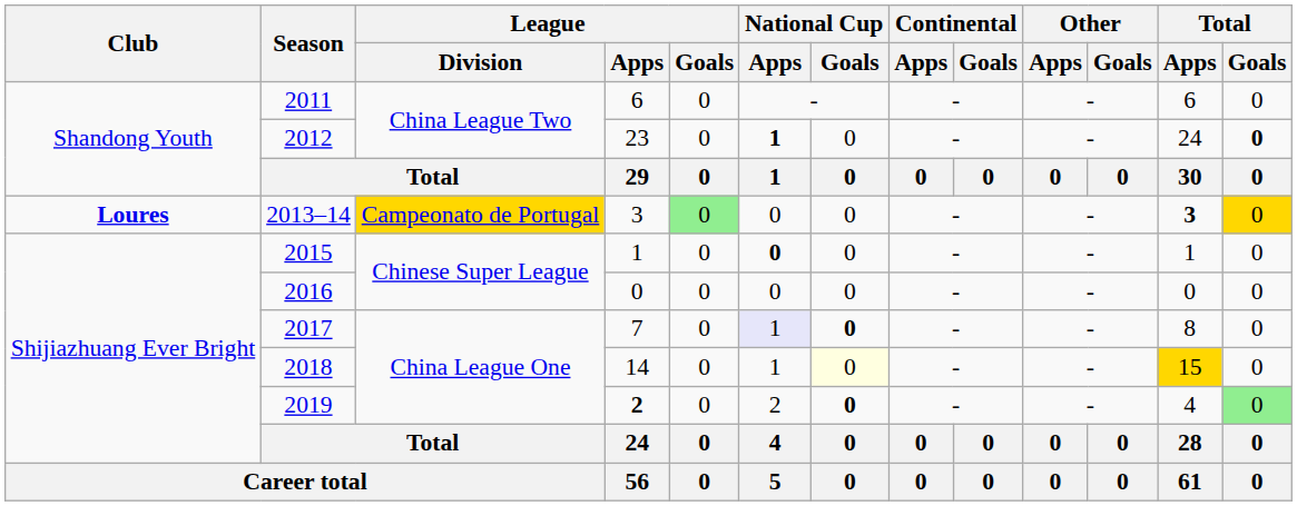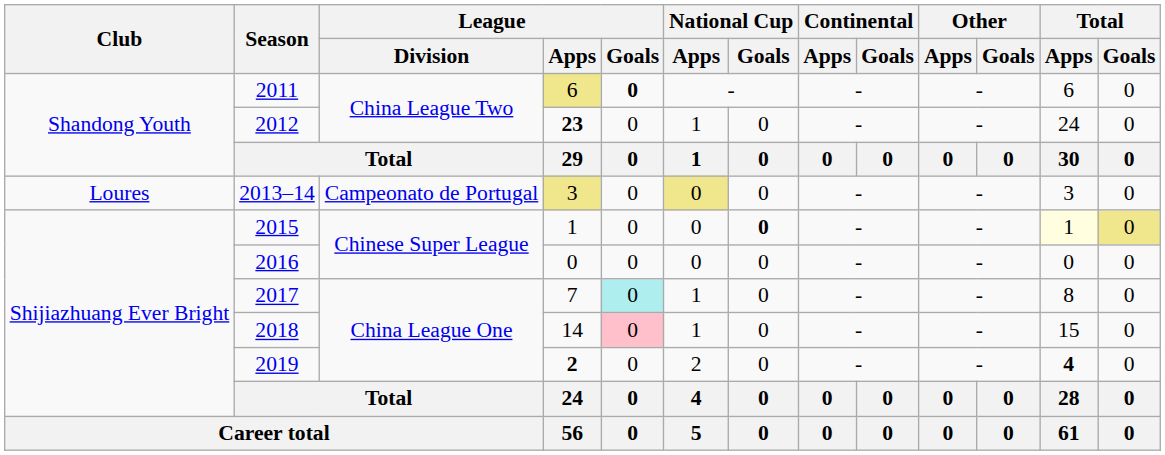 <table class="wikitable" style="text-align: center">
 <tr>
 <th rowspan="2">Club</th>
 <th rowspan="2">Season</th>
 <th colspan="3">League</th>
 <th colspan="2">National Cup</th>
 <th colspan="2">Continental</th>
 <th colspan="2">Other</th>
 <th colspan="2">Total</th>
 </tr>
 <tr>
 <th>Division</th>
 <th>Apps</th>
 <th>Goals</th>
 <th>Apps</th>
 <th>Goals</th>
 <th>Apps</th>
 <th>Goals</th>
 <th>Apps</th>
 <th>Goals</th>
 <th>Apps</th>
 <th>Goals</th>
 </tr>
 <tr>
 <td rowspan=3><a href='#'>Shandong Youth</a></td>
 <td><a href='#'>2011</a></td>
 <td rowspan=2><a href='#'>China League Two</a></td>
-<td>6</td>
-<td>0</td>
+<td style="background: khaki;">6</td>
+<td><strong>0</strong></td>
 <td colspan="2">-</td>
 <td colspan="2">-</td>
 <td colspan="2">-</td>
 <td>6</td>
 <td>0</td>
 </tr>
 <tr>
 <td><a href='#'>2012</a></td>
-<td>23</td>
+<td><strong>23</strong></td>
 <td>0</td>
-<td><strong>1</strong></td>
+<td>1</td>
 <td>0</td>
 <td colspan="2">-</td>
 <td colspan="2">-</td>
 <td>24</td>
-<td><strong>0</strong></td>
+<td>0</td>
 </tr>
 <tr>
 <th colspan=2>Total</th>
 <th>29</th>
 <th>0</th>
 <th>1</th>
 <th>0</th>
 <th>0</th>
 <th>0</th>
 <th>0</th>
 <th>0</th>
 <th>30</th>
 <th>0</th>
 </tr>
 <tr>
-<td><strong><a href='#'>Loures</a></strong></td>
+<td><a href='#'>Loures</a></td>
 <td><a href='#'>2013–14</a></td>
-<td style="background: gold;"><a href='#'>Campeonato de Portugal</a></td>
-<td>3</td>
-<td style="background: lightgreen;">0</td>
+<td><a href='#'>Campeonato de Portugal</a></td>
+<td style="background: khaki;">3</td>
 <td>0</td>
+<td style="background: khaki;">0</td>
 <td>0</td>
 <td colspan="2">-</td>
 <td colspan="2">-</td>
-<td><strong>3</strong></td>
-<td style="background: gold;">0</td>
+<td>3</td>
+<td>0</td>
 </tr>
 <tr>
 <td rowspan=6><a href='#'>Shijiazhuang Ever Bright</a></td>
 <td><a href='#'>2015</a></td>
 <td rowspan=2><a href='#'>Chinese Super League</a></td>
 <td>1</td>
 <td>0</td>
+<td>0</td>
 <td><strong>0</strong></td>
-<td>0</td>
 <td colspan="2">-</td>
 <td colspan="2">-</td>
-<td>1</td>
-<td>0</td>
+<td style="background: lightyellow;">1</td>
+<td style="background: khaki;">0</td>
 </tr>
 <tr>
 <td><a href='#'>2016</a></td>
 <td>0</td>
 <td>0</td>
 <td>0</td>
 <td>0</td>
 <td colspan="2">-</td>
 <td colspan="2">-</td>
 <td>0</td>
 <td>0</td>
 </tr>
 <tr>
 <td><a href='#'>2017</a></td>
 <td rowspan=3><a href='#'>China League One</a></td>
 <td>7</td>
+<td style="background: paleturquoise;">0</td>
+<td>1</td>
 <td>0</td>
-<td style="background: lavender;">1</td>
-<td><strong>0</strong></td>
 <td colspan="2">-</td>
 <td colspan="2">-</td>
 <td>8</td>
 <td>0</td>
 </tr>
 <tr>
 <td><a href='#'>2018</a></td>
 <td>14</td>
+<td style="background: pink;">0</td>
+<td>1</td>
 <td>0</td>
-<td>1</td>
-<td style="background: lightyellow;">0</td>
 <td colspan="2">-</td>
 <td colspan="2">-</td>
-<td style="background: gold;">15</td>
+<td>15</td>
 <td>0</td>
 </tr>
 <tr>
 <td><a href='#'>2019</a></td>
 <td><strong>2</strong></td>
 <td>0</td>
 <td>2</td>
-<td><strong>0</strong></td>
+<td>0</td>
 <td colspan="2">-</td>
 <td colspan="2">-</td>
-<td>4</td>
-<td style="background: lightgreen;">0</td>
+<td><strong>4</strong></td>
+<td>0</td>
 </tr>
 <tr>
 <th colspan=2>Total</th>
 <th>24</th>
 <th>0</th>
 <th>4</th>
 <th>0</th>
 <th>0</th>
 <th>0</th>
 <th>0</th>
 <th>0</th>
 <th>28</th>
 <th>0</th>
 </tr>
 <tr>
 <th colspan=3>Career total</th>
 <th>56</th>
 <th>0</th>
 <th>5</th>
 <th>0</th>
 <th>0</th>
 <th>0</th>
 <th>0</th>
 <th>0</th>
 <th>61</th>
 <th>0</th>
 </tr>
 </table>
